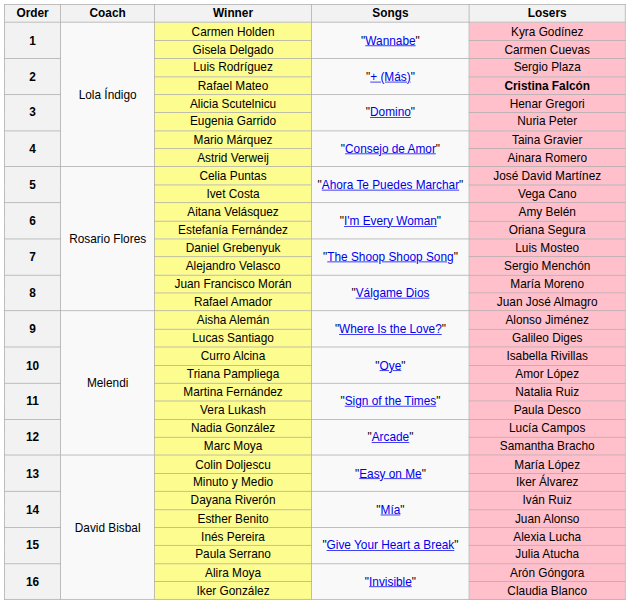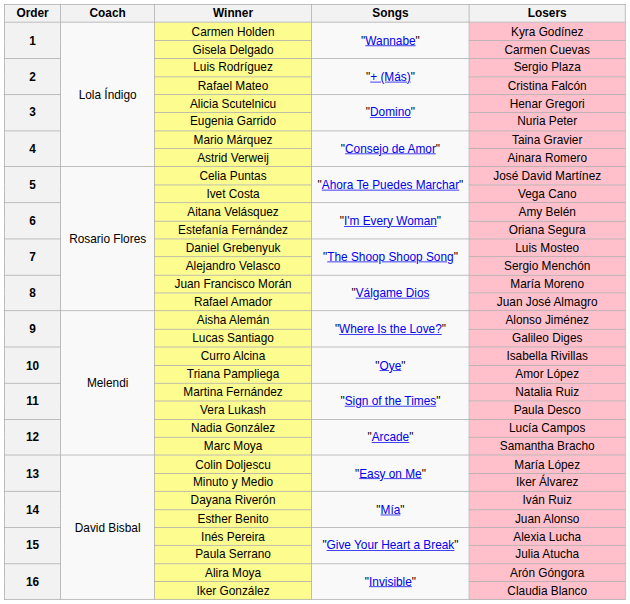 <table class="wikitable" style="text-align:center; line-height:17px; width:95%">
 <tr>
 <th width="02%">Order</th>
 <th width="05%">Coach</th>
 <th width="10%">Winner</th>
 <th width="10%">Songs</th>
 <th width="10%">Losers</th>
 </tr>
 <tr>
 <th rowspan="2">1</th>
 <td rowspan="8">Lola Índigo</td>
 <td style="background:#fdfc8f">Carmen Holden</td>
 <td rowspan="2">"<a href='#'>Wannabe</a>"</td>
 <td style="background:pink">Kyra Godínez</td>
 </tr>
 <tr>
 <td style="background:#fdfc8f">Gisela Delgado</td>
 <td style="background:pink">Carmen Cuevas</td>
 </tr>
 <tr>
 <th rowspan="2">2</th>
 <td style="background:#fdfc8f">Luis Rodríguez</td>
 <td rowspan="2">"<a href='#'>+ (Más)</a>"</td>
 <td style="background:pink">Sergio Plaza</td>
 </tr>
 <tr>
 <td style="background:#fdfc8f">Rafael Mateo</td>
-<td style="background:pink"><strong>Cristina Falcón</strong></td>
+<td style="background:pink">Cristina Falcón</td>
 </tr>
 <tr>
 <th rowspan="2">3</th>
 <td style="background:#fdfc8f">Alicia Scutelnicu</td>
 <td rowspan="2">"<a href='#'>Domino</a>"</td>
 <td style="background:pink">Henar Gregori</td>
 </tr>
 <tr>
 <td style="background:#fdfc8f">Eugenia Garrido</td>
 <td style="background:pink">Nuria Peter</td>
 </tr>
 <tr>
 <th rowspan="2">4</th>
 <td style="background:#fdfc8f">Mario Márquez</td>
 <td rowspan="2">"<a href='#'>Consejo de Amor</a>"</td>
 <td style="background:pink">Taina Gravier</td>
 </tr>
 <tr>
 <td style="background:#fdfc8f">Astrid Verweij</td>
 <td style="background:pink">Ainara Romero</td>
 </tr>
 <tr>
 <th rowspan="2">5</th>
 <td rowspan="8">Rosario Flores</td>
 <td style="background:#fdfc8f">Celia Puntas</td>
 <td rowspan="2">"<a href='#'>Ahora Te Puedes Marchar</a>"</td>
 <td style="background:pink">José David Martínez</td>
 </tr>
 <tr>
 <td style="background:#fdfc8f">Ivet Costa</td>
 <td style="background:pink">Vega Cano</td>
 </tr>
 <tr>
 <th rowspan="2">6</th>
 <td style="background:#fdfc8f">Aitana Velásquez</td>
 <td rowspan="2">"<a href='#'>I'm Every Woman</a>"</td>
 <td style="background:pink">Amy Belén</td>
 </tr>
 <tr>
 <td style="background:#fdfc8f">Estefanía Fernández</td>
 <td style="background:pink">Oriana Segura</td>
 </tr>
 <tr>
 <th rowspan="2">7</th>
 <td style="background:#fdfc8f">Daniel Grebenyuk</td>
 <td rowspan="2">"<a href='#'>The Shoop Shoop Song</a>"</td>
 <td style="background:pink">Luis Mosteo</td>
 </tr>
 <tr>
 <td style="background:#fdfc8f">Alejandro Velasco</td>
 <td style="background:pink">Sergio Menchón</td>
 </tr>
 <tr>
 <th rowspan="2">8</th>
 <td style="background:#fdfc8f">Juan Francisco Morán</td>
 <td rowspan="2">"<a href='#'>Válgame Dios</a></td>
 <td style="background:pink">María Moreno</td>
 </tr>
 <tr>
 <td style="background:#fdfc8f">Rafael Amador</td>
 <td style="background:pink">Juan José Almagro</td>
 </tr>
 <tr>
 <th rowspan="2">9</th>
 <td rowspan="8">Melendi</td>
 <td style="background:#fdfc8f">Aisha Alemán</td>
 <td rowspan="2">"<a href='#'>Where Is the Love?</a>"</td>
 <td style="background:pink">Alonso Jiménez</td>
 </tr>
 <tr>
 <td style="background:#fdfc8f">Lucas Santiago</td>
 <td style="background:pink">Galileo Diges</td>
 </tr>
 <tr>
 <th rowspan="2">10</th>
 <td style="background:#fdfc8f">Curro Alcina</td>
 <td rowspan="2">"<a href='#'>Oye</a>"</td>
 <td style="background:pink">Isabella Rivillas</td>
 </tr>
 <tr>
 <td style="background:#fdfc8f">Triana Pampliega</td>
 <td style="background:pink">Amor López</td>
 </tr>
 <tr>
 <th rowspan="2">11</th>
 <td style="background:#fdfc8f">Martina Fernández</td>
 <td rowspan="2">"<a href='#'>Sign of the Times</a>"</td>
 <td style="background:pink">Natalia Ruiz</td>
 </tr>
 <tr>
 <td style="background:#fdfc8f">Vera Lukash</td>
 <td style="background:pink">Paula Desco</td>
 </tr>
 <tr>
 <th rowspan="2">12</th>
 <td style="background:#fdfc8f">Nadia González</td>
 <td rowspan="2">"<a href='#'>Arcade</a>"</td>
 <td style="background:pink">Lucía Campos</td>
 </tr>
 <tr>
 <td style="background:#fdfc8f">Marc Moya</td>
 <td style="background:pink">Samantha Bracho</td>
 </tr>
 <tr>
 <th rowspan="2">13</th>
 <td rowspan="8">David Bisbal</td>
 <td style="background:#fdfc8f">Colin Doljescu</td>
 <td rowspan="2">"<a href='#'>Easy on Me</a>"</td>
 <td style="background:pink">María López</td>
 </tr>
 <tr>
 <td style="background:#fdfc8f">Minuto y Medio</td>
 <td style="background:pink">Iker Álvarez</td>
 </tr>
 <tr>
 <th rowspan="2">14</th>
 <td style="background:#fdfc8f">Dayana Riverón</td>
 <td rowspan="2">"<a href='#'>Mía</a>"</td>
 <td style="background:pink">Iván Ruiz</td>
 </tr>
 <tr>
 <td style="background:#fdfc8f">Esther Benito</td>
 <td style="background:pink">Juan Alonso</td>
 </tr>
 <tr>
 <th rowspan="2">15</th>
 <td style="background:#fdfc8f">Inés Pereira</td>
 <td rowspan="2">"<a href='#'>Give Your Heart a Break</a>"</td>
 <td style="background:pink">Alexia Lucha</td>
 </tr>
 <tr>
 <td style="background:#fdfc8f">Paula Serrano</td>
 <td style="background:pink">Julia Atucha</td>
 </tr>
 <tr>
 <th rowspan="2">16</th>
 <td style="background:#fdfc8f">Alira Moya</td>
 <td rowspan="2">"<a href='#'>Invisible</a>"</td>
 <td style="background:pink">Arón Góngora</td>
 </tr>
 <tr>
 <td style="background:#fdfc8f">Iker González</td>
 <td style="background:pink">Claudia Blanco</td>
 </tr>
 </table>
